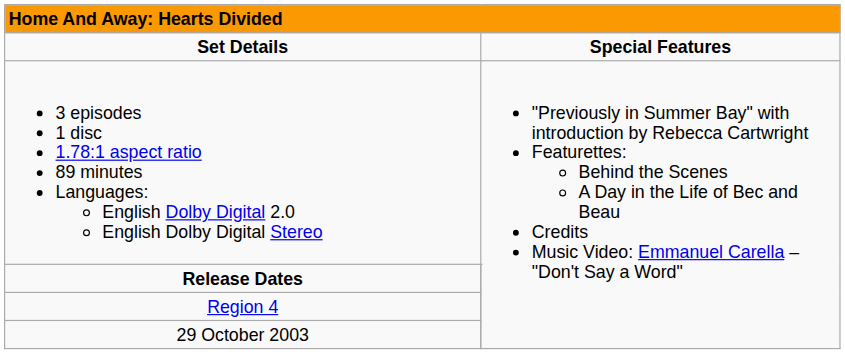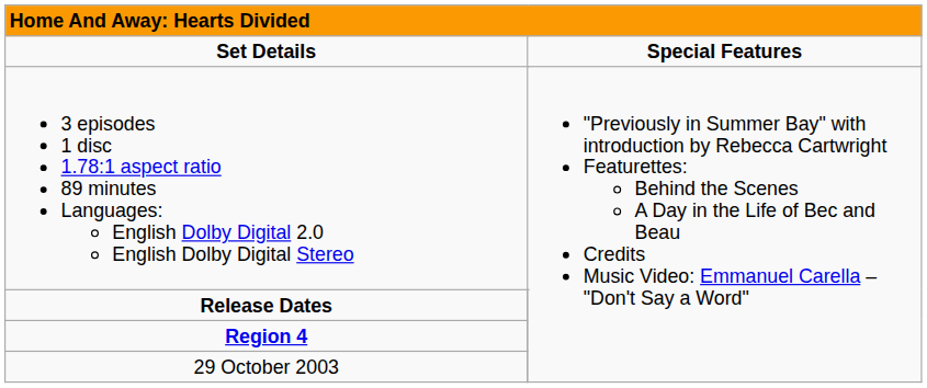 <table class="wikitable" style="font-size: 95%;">
 <tr>
 <td colspan="5" style="background-color: #FB9902;"><strong>Home And Away: Hearts Divided</strong></td>
 </tr>
 <tr valign="top">
 <td align="center" width="400" colspan="3"><strong>Set Details</strong></td>
 <td width="300" align="center"><strong>Special Features</strong></td>
 </tr>
 <tr valign="top">
 <td colspan="3" align="left" width="400"><br><ul><li>3 episodes</li><li>1 disc</li><li><a href='#'>1.78:1 aspect ratio</a></li><li>89 minutes</li><li>Languages:<ul><li>English <a href='#'>Dolby Digital</a> 2.0</li><li>English Dolby Digital <a href='#'>Stereo</a></li></ul></li></ul></td>
 <td rowspan="4" align="left" width="300"><br><ul><li>"Previously in Summer Bay" with introduction by Rebecca Cartwright</li><li>Featurettes:<ul><li>Behind the Scenes</li><li>A Day in the Life of Bec and Beau</li></ul></li><li>Credits</li><li>Music Video: <a href='#'>Emmanuel Carella</a> – "Don't Say a Word"</li></ul></td>
 </tr>
 <tr>
 <td align="center"><strong>Release Dates</strong></td>
 </tr>
 <tr>
-<td align="center"><a href='#'>Region 4</a></td>
+<td align="center"><strong><a href='#'>Region 4</a></strong></td>
 </tr>
 <tr>
 <td align="center">29 October 2003</td>
 </tr>
 </table>
